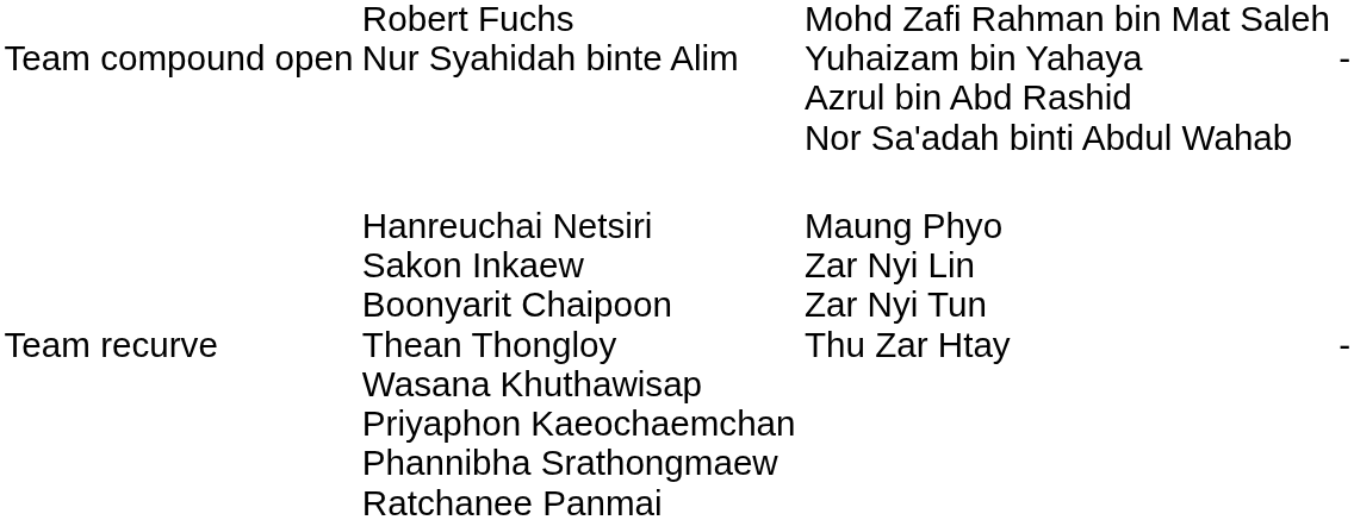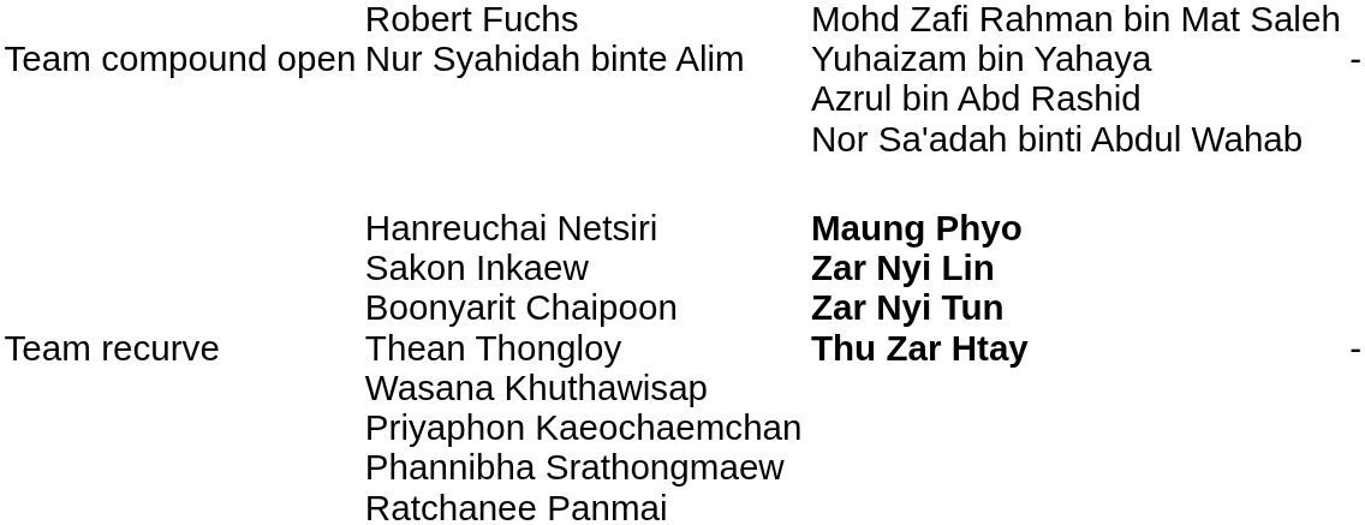 <table>
 <tr>
 <td>Team compound open</td>
 <td valign=top><br>Robert Fuchs<br>Nur Syahidah binte Alim</td>
 <td><br>Mohd Zafi Rahman bin Mat Saleh<br>Yuhaizam bin Yahaya<br>Azrul bin Abd Rashid<br>Nor Sa'adah binti Abdul Wahab</td>
 <td>-</td>
 </tr>
 <tr>
 <td>Team recurve</td>
 <td><br>Hanreuchai Netsiri<br>Sakon Inkaew<br>Boonyarit Chaipoon<br>Thean Thongloy<br>Wasana Khuthawisap<br>Priyaphon Kaeochaemchan<br>Phannibha Srathongmaew<br>Ratchanee Panmai</td>
-<td valign=top><br>Maung Phyo<br>Zar Nyi Lin<br>Zar Nyi Tun<br>Thu Zar Htay</td>
+<td valign=top><strong><br>Maung Phyo<br>Zar Nyi Lin<br>Zar Nyi Tun<br>Thu Zar Htay</strong></td>
 <td>-</td>
 </tr>
 </table>
